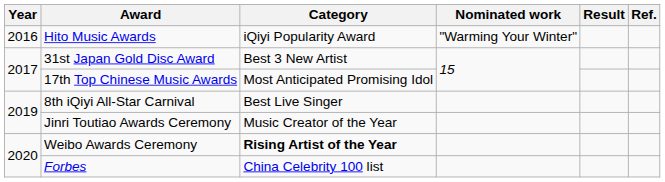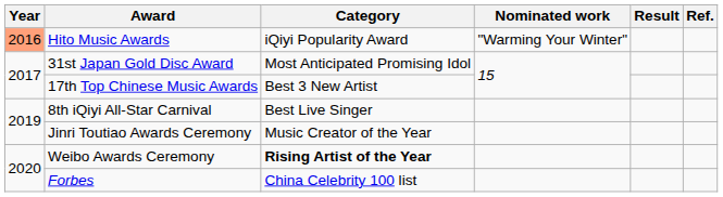 <table class="wikitable sortable">
 <tr>
 <th>Year</th>
 <th>Award</th>
 <th>Category</th>
 <th>Nominated work</th>
 <th>Result</th>
 <th>Ref.</th>
 </tr>
 <tr>
-<td>2016</td>
+<td style="background: lightsalmon;">2016</td>
 <td><a href='#'>Hito Music Awards</a></td>
 <td>iQiyi Popularity Award</td>
 <td>"Warming Your Winter"</td>
 <td></td>
 <td></td>
 </tr>
 <tr>
 <td rowspan=2>2017</td>
 <td>31st <a href='#'>Japan Gold Disc Award</a></td>
-<td>Best 3 New Artist</td>
+<td>Most Anticipated Promising Idol</td>
 <td rowspan=2><em>15</em></td>
 <td></td>
 <td></td>
 </tr>
 <tr>
 <td>17th <a href='#'>Top Chinese Music Awards</a></td>
-<td>Most Anticipated Promising Idol</td>
+<td>Best 3 New Artist</td>
 <td></td>
 <td></td>
 </tr>
 <tr>
 <td rowspan=2>2019</td>
 <td>8th iQiyi All-Star Carnival</td>
 <td>Best Live Singer</td>
 <td></td>
 <td></td>
 <td></td>
 </tr>
 <tr>
 <td>Jinri Toutiao Awards Ceremony</td>
 <td>Music Creator of the Year</td>
 <td></td>
 <td></td>
 <td></td>
 </tr>
 <tr>
 <td rowspan=2>2020</td>
 <td>Weibo Awards Ceremony</td>
 <td><strong>Rising Artist of the Year</strong></td>
 <td></td>
 <td></td>
 <td></td>
 </tr>
 <tr>
 <td><em><a href='#'>Forbes</a></em></td>
 <td><a href='#'>China Celebrity 100</a> list</td>
 <td></td>
 <td></td>
 <td></td>
 </tr>
 </table>
